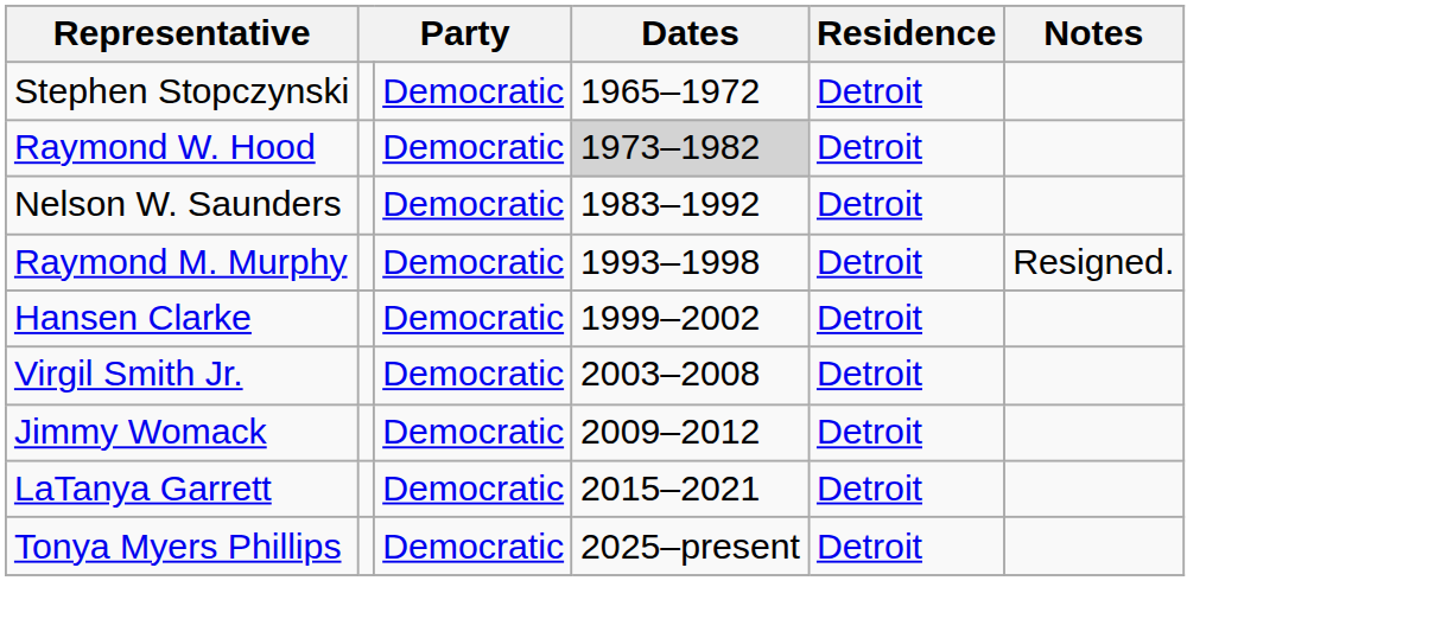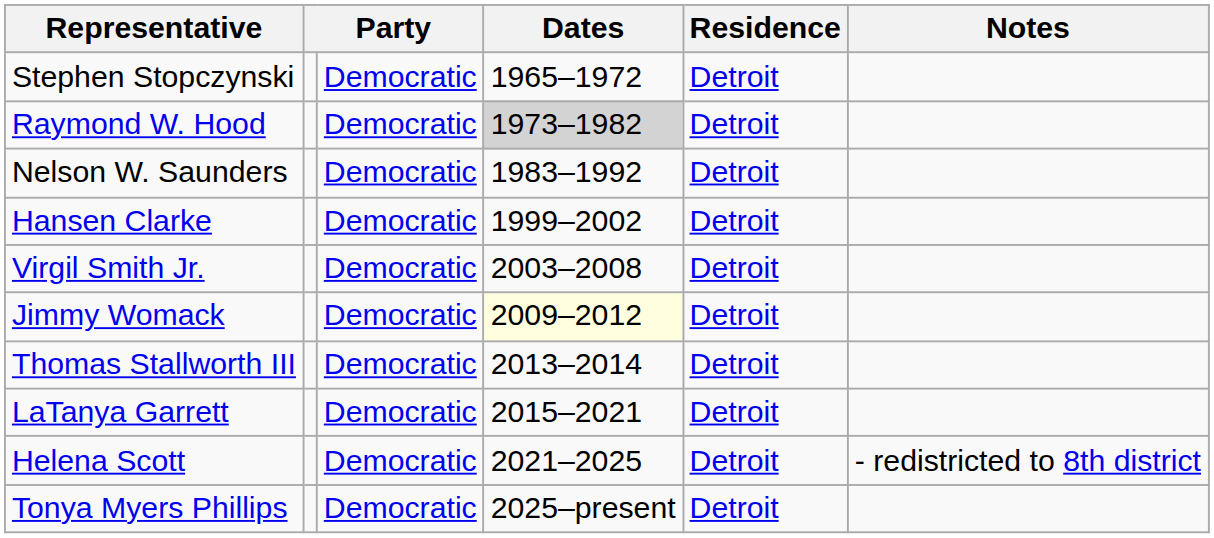 <table class=wikitable>
 <tr valign=bottom>
 <th>Representative</th>
 <th colspan="2">Party</th>
 <th>Dates</th>
 <th>Residence</th>
 <th>Notes</th>
 </tr>
 <tr>
 <td>Stephen Stopczynski</td>
 <td bgcolor=></td>
 <td><a href='#'>Democratic</a></td>
 <td>1965–1972</td>
 <td><a href='#'>Detroit</a></td>
 <td></td>
 </tr>
 <tr>
 <td><a href='#'>Raymond W. Hood</a></td>
 <td bgcolor=></td>
 <td><a href='#'>Democratic</a></td>
 <td style="background: lightgrey;">1973–1982</td>
 <td><a href='#'>Detroit</a></td>
 <td></td>
 </tr>
 <tr>
 <td>Nelson W. Saunders</td>
 <td bgcolor=></td>
 <td><a href='#'>Democratic</a></td>
 <td>1983–1992</td>
 <td><a href='#'>Detroit</a></td>
 <td></td>
 </tr>
 <tr>
-<td><a href='#'>Raymond M. Murphy</a></td>
-<td bgcolor=></td>
-<td><a href='#'>Democratic</a></td>
-<td>1993–1998</td>
-<td><a href='#'>Detroit</a></td>
-<td>Resigned.</td>
-</tr>
-<tr>
 <td><a href='#'>Hansen Clarke</a></td>
 <td bgcolor=></td>
 <td><a href='#'>Democratic</a></td>
 <td>1999–2002</td>
 <td><a href='#'>Detroit</a></td>
 <td></td>
 </tr>
 <tr>
 <td><a href='#'>Virgil Smith Jr.</a></td>
 <td bgcolor=></td>
 <td><a href='#'>Democratic</a></td>
 <td>2003–2008</td>
 <td><a href='#'>Detroit</a></td>
 <td></td>
 </tr>
 <tr>
 <td><a href='#'>Jimmy Womack</a></td>
 <td bgcolor=></td>
 <td><a href='#'>Democratic</a></td>
-<td>2009–2012</td>
+<td style="background: lightyellow;">2009–2012</td>
+<td><a href='#'>Detroit</a></td>
+<td></td>
+</tr>
+<tr>
+<td><a href='#'>Thomas Stallworth III</a></td>
+<td bgcolor=></td>
+<td><a href='#'>Democratic</a></td>
+<td>2013–2014</td>
 <td><a href='#'>Detroit</a></td>
 <td></td>
 </tr>
 <tr>
 <td><a href='#'>LaTanya Garrett</a></td>
 <td bgcolor=></td>
 <td><a href='#'>Democratic</a></td>
 <td>2015–2021</td>
 <td><a href='#'>Detroit</a></td>
 <td></td>
 </tr>
 <tr>
+<td><a href='#'>Helena Scott</a></td>
+<td bgcolor=></td>
+<td><a href='#'>Democratic</a></td>
+<td>2021–2025</td>
+<td><a href='#'>Detroit</a></td>
+<td> - redistricted to <a href='#'>8th district</a></td>
+</tr>
+<tr>
 <td><a href='#'>Tonya Myers Phillips</a></td>
 <td></td>
 <td><a href='#'>Democratic</a></td>
 <td>2025–present</td>
 <td><a href='#'>Detroit</a></td>
 <td></td>
 </tr>
 </table>
